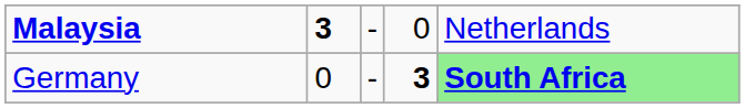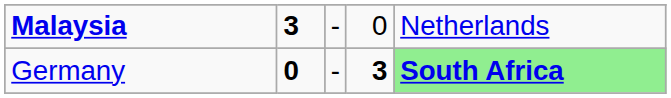 <table class="wikitable">
 <tr>
 <td width=150> <strong><a href='#'>Malaysia</a></strong></td>
 <td width=20 align="left"><strong>3</strong></td>
 <td>-</td>
 <td width=20 align="right">0</td>
 <td width=150> <a href='#'>Netherlands</a></td>
 </tr>
 <tr>
 <td> <a href='#'>Germany</a></td>
-<td align="left">0</td>
+<td align="left"><strong>0</strong></td>
 <td>-</td>
 <td align="right"><strong>3</strong></td>
 <td style="background: lightgreen;"> <strong><a href='#'>South Africa</a></strong></td>
 </tr>
 </table>
